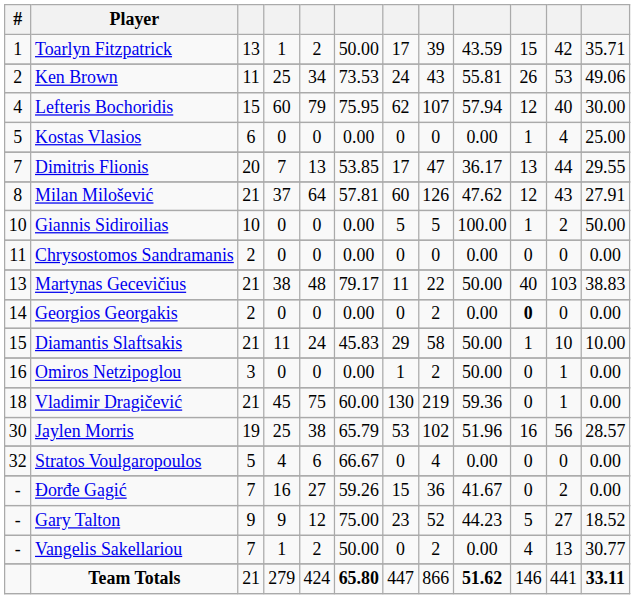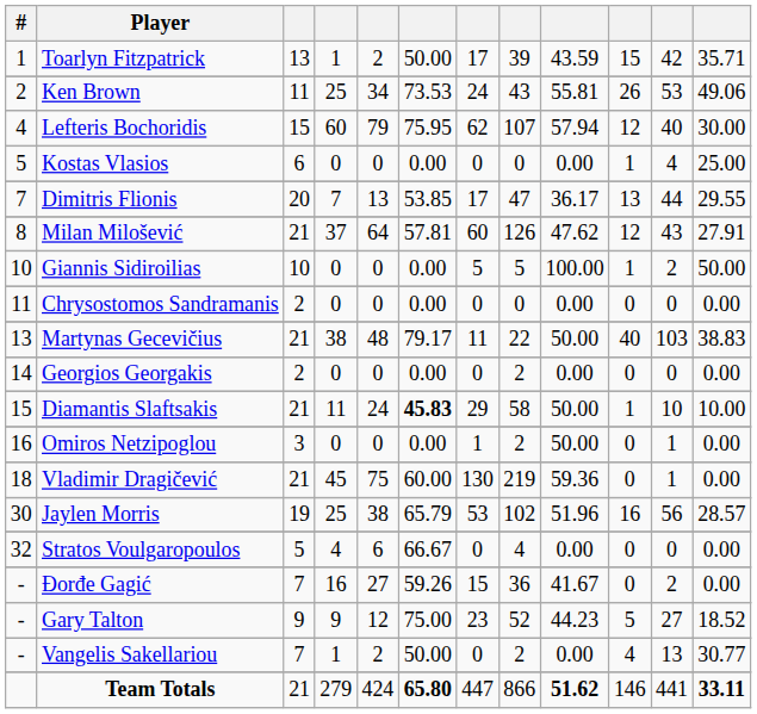 <table class="wikitable sortable" style="font-size:90%; text-align:center;">
 <tr>
 <th>#</th>
 <th>Player</th>
 <th></th>
 <th></th>
 <th></th>
 <th></th>
 <th></th>
 <th></th>
 <th></th>
 <th></th>
 <th></th>
 <th></th>
 </tr>
 <tr>
 <td>1</td>
 <td align="left"> <a href='#'>Toarlyn Fitzpatrick</a></td>
 <td>13</td>
 <td>1</td>
 <td>2</td>
 <td>50.00</td>
 <td>17</td>
 <td>39</td>
 <td>43.59</td>
 <td>15</td>
 <td>42</td>
 <td>35.71</td>
 </tr>
 <tr>
 </tr>
 <tr>
 <td>2</td>
 <td align="left"> <a href='#'>Ken Brown</a></td>
 <td>11</td>
 <td>25</td>
 <td>34</td>
 <td>73.53</td>
 <td>24</td>
 <td>43</td>
 <td>55.81</td>
 <td>26</td>
 <td>53</td>
 <td>49.06</td>
 </tr>
 <tr>
 </tr>
 <tr>
 <td>4</td>
 <td align="left"> <a href='#'>Lefteris Bochoridis</a></td>
 <td>15</td>
 <td>60</td>
 <td>79</td>
 <td>75.95</td>
 <td>62</td>
 <td>107</td>
 <td>57.94</td>
 <td>12</td>
 <td>40</td>
 <td>30.00</td>
 </tr>
 <tr>
 </tr>
 <tr>
 <td>5</td>
 <td align="left"> <a href='#'>Kostas Vlasios</a></td>
 <td>6</td>
 <td>0</td>
 <td>0</td>
 <td>0.00</td>
 <td>0</td>
 <td>0</td>
 <td>0.00</td>
 <td>1</td>
 <td>4</td>
 <td>25.00</td>
 </tr>
 <tr>
 </tr>
 <tr>
 <td>7</td>
 <td align="left"> <a href='#'>Dimitris Flionis</a></td>
 <td>20</td>
 <td>7</td>
 <td>13</td>
 <td>53.85</td>
 <td>17</td>
 <td>47</td>
 <td>36.17</td>
 <td>13</td>
 <td>44</td>
 <td>29.55</td>
 </tr>
 <tr>
 </tr>
 <tr>
 <td>8</td>
 <td align="left"> <a href='#'>Milan Milošević</a></td>
 <td>21</td>
 <td>37</td>
 <td>64</td>
 <td>57.81</td>
 <td>60</td>
 <td>126</td>
 <td>47.62</td>
 <td>12</td>
 <td>43</td>
 <td>27.91</td>
 </tr>
 <tr>
 </tr>
 <tr>
 <td>10</td>
 <td align="left"> <a href='#'>Giannis Sidiroilias</a></td>
 <td>10</td>
 <td>0</td>
 <td>0</td>
 <td>0.00</td>
 <td>5</td>
 <td>5</td>
 <td>100.00</td>
 <td>1</td>
 <td>2</td>
 <td>50.00</td>
 </tr>
 <tr>
 </tr>
 <tr>
 <td>11</td>
 <td align="left"> <a href='#'>Chrysostomos Sandramanis</a></td>
 <td>2</td>
 <td>0</td>
 <td>0</td>
 <td>0.00</td>
 <td>0</td>
 <td>0</td>
 <td>0.00</td>
 <td>0</td>
 <td>0</td>
 <td>0.00</td>
 </tr>
 <tr>
 </tr>
 <tr>
 <td>13</td>
 <td align="left"> <a href='#'>Martynas Gecevičius</a></td>
 <td>21</td>
 <td>38</td>
 <td>48</td>
 <td>79.17</td>
 <td>11</td>
 <td>22</td>
 <td>50.00</td>
 <td>40</td>
 <td>103</td>
 <td>38.83</td>
 </tr>
 <tr>
 </tr>
 <tr>
 <td>14</td>
 <td align="left"> <a href='#'>Georgios Georgakis</a></td>
 <td>2</td>
 <td>0</td>
 <td>0</td>
 <td>0.00</td>
 <td>0</td>
 <td>2</td>
 <td>0.00</td>
-<td><strong>0</strong></td>
+<td>0</td>
 <td>0</td>
 <td>0.00</td>
 </tr>
 <tr>
 </tr>
 <tr>
 <td>15</td>
 <td align="left"> <a href='#'>Diamantis Slaftsakis</a></td>
 <td>21</td>
 <td>11</td>
 <td>24</td>
-<td>45.83</td>
+<td><strong>45.83</strong></td>
 <td>29</td>
 <td>58</td>
 <td>50.00</td>
 <td>1</td>
 <td>10</td>
 <td>10.00</td>
 </tr>
 <tr>
 </tr>
 <tr>
 <td>16</td>
 <td align="left"> <a href='#'>Omiros Netzipoglou</a></td>
 <td>3</td>
 <td>0</td>
 <td>0</td>
 <td>0.00</td>
 <td>1</td>
 <td>2</td>
 <td>50.00</td>
 <td>0</td>
 <td>1</td>
 <td>0.00</td>
 </tr>
 <tr>
 </tr>
 <tr>
 <td>18</td>
 <td align="left"> <a href='#'>Vladimir Dragičević</a></td>
 <td>21</td>
 <td>45</td>
 <td>75</td>
 <td>60.00</td>
 <td>130</td>
 <td>219</td>
 <td>59.36</td>
 <td>0</td>
 <td>1</td>
 <td>0.00</td>
 </tr>
 <tr>
 </tr>
 <tr>
 <td>30</td>
 <td align="left"> <a href='#'>Jaylen Morris</a></td>
 <td>19</td>
 <td>25</td>
 <td>38</td>
 <td>65.79</td>
 <td>53</td>
 <td>102</td>
 <td>51.96</td>
 <td>16</td>
 <td>56</td>
 <td>28.57</td>
 </tr>
 <tr>
 </tr>
 <tr>
 <td>32</td>
 <td align="left"> <a href='#'>Stratos Voulgaropoulos</a></td>
 <td>5</td>
 <td>4</td>
 <td>6</td>
 <td>66.67</td>
 <td>0</td>
 <td>4</td>
 <td>0.00</td>
 <td>0</td>
 <td>0</td>
 <td>0.00</td>
 </tr>
 <tr>
 </tr>
 <tr>
 <td>-</td>
 <td align="left"> <a href='#'>Đorđe Gagić</a></td>
 <td>7</td>
 <td>16</td>
 <td>27</td>
 <td>59.26</td>
 <td>15</td>
 <td>36</td>
 <td>41.67</td>
 <td>0</td>
 <td>2</td>
 <td>0.00</td>
 </tr>
 <tr>
 </tr>
 <tr>
 <td>-</td>
 <td align="left"> <a href='#'>Gary Talton</a></td>
 <td>9</td>
 <td>9</td>
 <td>12</td>
 <td>75.00</td>
 <td>23</td>
 <td>52</td>
 <td>44.23</td>
 <td>5</td>
 <td>27</td>
 <td>18.52</td>
 </tr>
 <tr>
 </tr>
 <tr>
 <td>-</td>
 <td align="left"> <a href='#'>Vangelis Sakellariou</a></td>
 <td>7</td>
 <td>1</td>
 <td>2</td>
 <td>50.00</td>
 <td>0</td>
 <td>2</td>
 <td>0.00</td>
 <td>4</td>
 <td>13</td>
 <td>30.77</td>
 </tr>
 <tr>
 </tr>
 <tr>
 <td></td>
 <td><strong>Team Totals</strong></td>
 <td>21</td>
 <td>279</td>
 <td>424</td>
 <td><strong>65.80</strong></td>
 <td>447</td>
 <td>866</td>
 <td><strong>51.62</strong></td>
 <td>146</td>
 <td>441</td>
 <td><strong>33.11</strong></td>
 </tr>
 <tr>
 </tr>
 </table>
